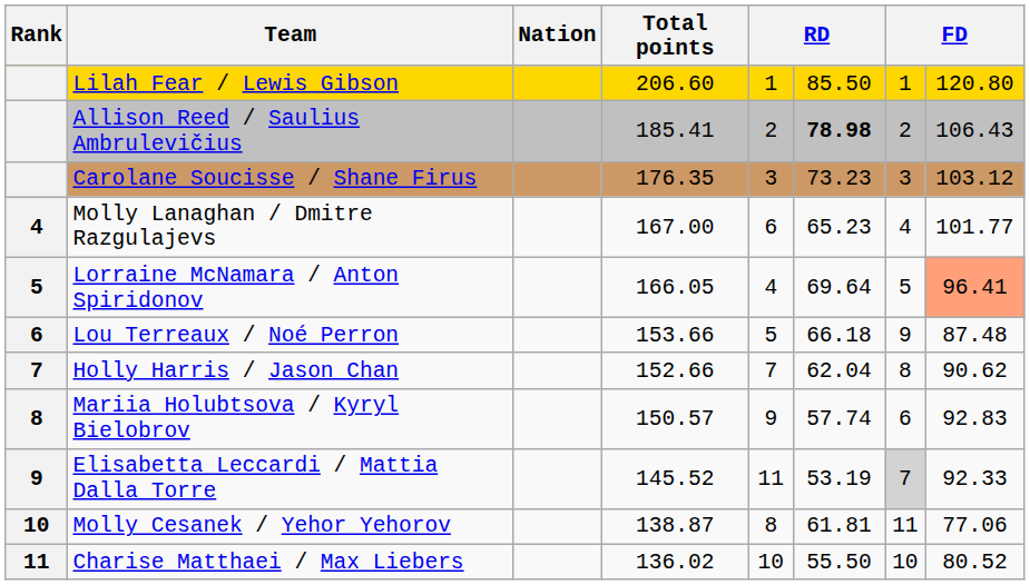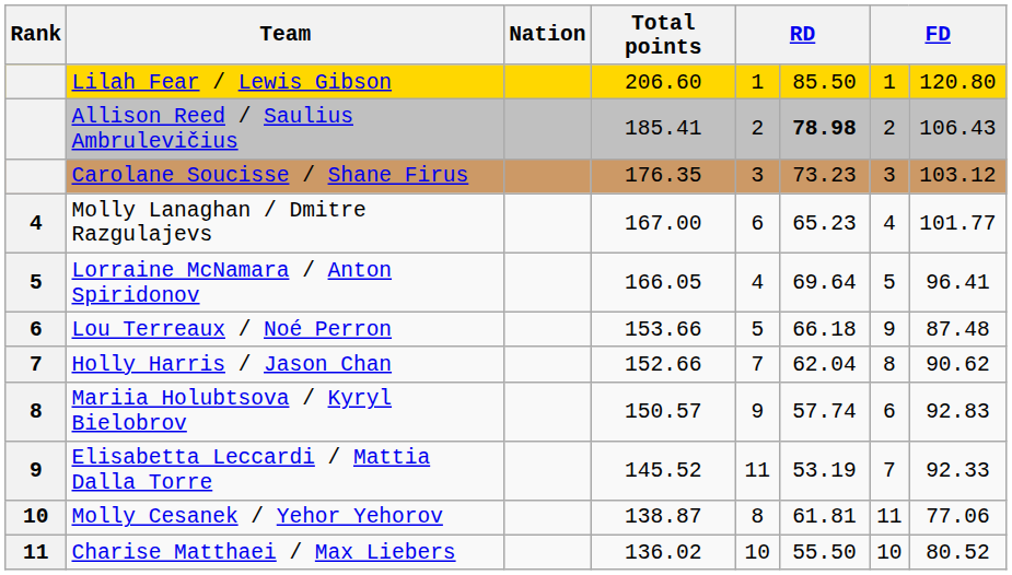 <table class="wikitable sortable" style="text-align:left">
 <tr>
 <th scope="col">Rank</th>
 <th scope="col">Team</th>
 <th scope="col">Nation</th>
 <th scope="col">Total points</th>
 <th scope="col" colspan="2" width="80px"><a href='#'>RD</a></th>
 <th scope="col" colspan="2" width="80px"><a href='#'>FD</a></th>
 </tr>
 <tr bgcolor="gold">
 <th scope="row"></th>
 <td><a href='#'>Lilah Fear</a> / <a href='#'>Lewis Gibson</a></td>
 <td></td>
 <td align="center">206.60</td>
 <td align="center">1</td>
 <td align="center">85.50</td>
 <td align="center">1</td>
 <td align="center">120.80</td>
 </tr>
 <tr bgcolor="silver">
 <th scope="row"></th>
 <td><a href='#'>Allison Reed</a> / <a href='#'>Saulius Ambrulevičius</a></td>
 <td></td>
 <td align="center">185.41</td>
 <td align="center">2</td>
 <td align="center"><strong>78.98</strong></td>
 <td align="center">2</td>
 <td align="center">106.43</td>
 </tr>
 <tr bgcolor="cc9966">
 <th scope="row"></th>
 <td><a href='#'>Carolane Soucisse</a> / <a href='#'>Shane Firus</a></td>
 <td></td>
 <td align="center">176.35</td>
 <td align="center">3</td>
 <td align="center">73.23</td>
 <td align="center">3</td>
 <td align="center">103.12</td>
 </tr>
 <tr>
 <th scope="row">4</th>
 <td>Molly Lanaghan / Dmitre Razgulajevs</td>
 <td></td>
 <td align="center">167.00</td>
 <td align="center">6</td>
 <td align="center">65.23</td>
 <td align="center">4</td>
 <td align="center">101.77</td>
 </tr>
 <tr>
 <th scope="row">5</th>
 <td><a href='#'>Lorraine McNamara</a> / <a href='#'>Anton Spiridonov</a></td>
 <td></td>
 <td align="center">166.05</td>
 <td align="center">4</td>
 <td align="center">69.64</td>
 <td align="center">5</td>
-<td align="center" style="background: lightsalmon;">96.41</td>
+<td align="center">96.41</td>
 </tr>
 <tr>
 <th scope="row">6</th>
 <td><a href='#'>Lou Terreaux</a> / <a href='#'>Noé Perron</a></td>
 <td></td>
 <td align="center">153.66</td>
 <td align="center">5</td>
 <td align="center">66.18</td>
 <td align="center">9</td>
 <td align="center">87.48</td>
 </tr>
 <tr>
 <th scope="row">7</th>
 <td><a href='#'>Holly Harris</a> / <a href='#'>Jason Chan</a></td>
 <td></td>
 <td align="center">152.66</td>
 <td align="center">7</td>
 <td align="center">62.04</td>
 <td align="center">8</td>
 <td align="center">90.62</td>
 </tr>
 <tr>
 <th scope="row">8</th>
 <td><a href='#'>Mariia Holubtsova</a> / <a href='#'>Kyryl Bielobrov</a></td>
 <td></td>
 <td align="center">150.57</td>
 <td align="center">9</td>
 <td align="center">57.74</td>
 <td align="center">6</td>
 <td align="center">92.83</td>
 </tr>
 <tr>
 <th scope="row">9</th>
 <td><a href='#'>Elisabetta Leccardi</a> / <a href='#'>Mattia Dalla Torre</a></td>
 <td></td>
 <td align="center">145.52</td>
 <td align="center">11</td>
 <td align="center">53.19</td>
-<td align="center" style="background: lightgrey;">7</td>
+<td align="center">7</td>
 <td align="center">92.33</td>
 </tr>
 <tr>
 <th scope="row">10</th>
 <td><a href='#'>Molly Cesanek</a> / <a href='#'>Yehor Yehorov</a></td>
 <td></td>
 <td align="center">138.87</td>
 <td align="center">8</td>
 <td align="center">61.81</td>
 <td align="center">11</td>
 <td align="center">77.06</td>
 </tr>
 <tr>
 <th scope="row">11</th>
 <td><a href='#'>Charise Matthaei</a> / <a href='#'>Max Liebers</a></td>
 <td></td>
 <td align="center">136.02</td>
 <td align="center">10</td>
 <td align="center">55.50</td>
 <td align="center">10</td>
 <td align="center">80.52</td>
 </tr>
 </table>
